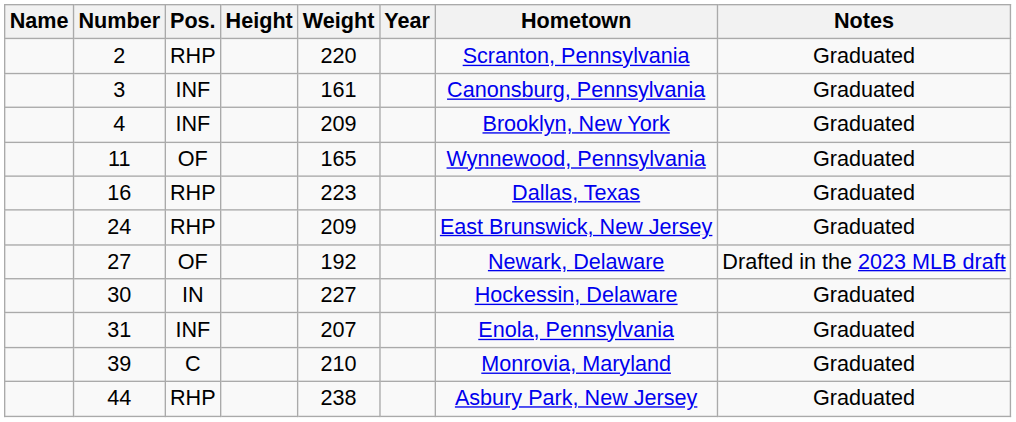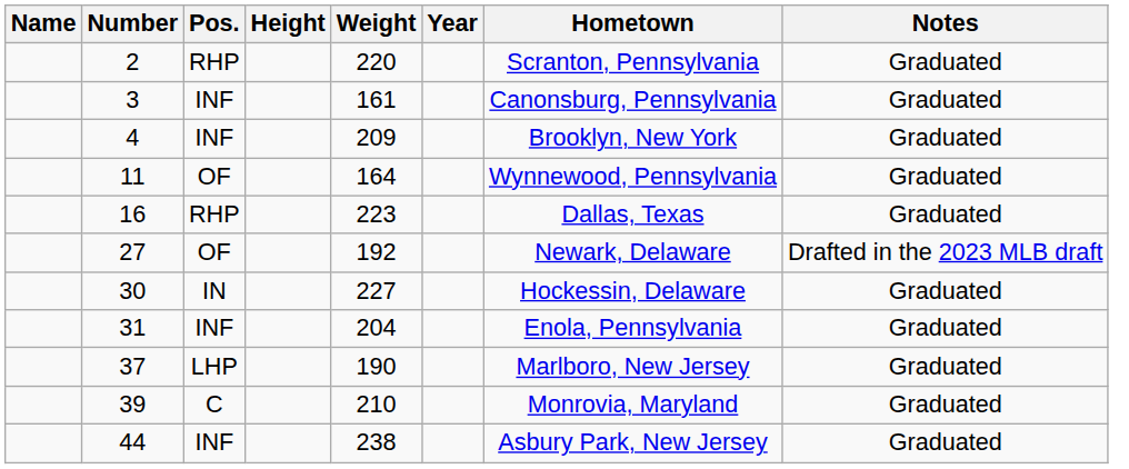 <table class="wikitable sortable sortable" style="text-align: center">
 <tr align=center>
 <th>Name</th>
 <th>Number</th>
 <th>Pos.</th>
 <th>Height</th>
 <th>Weight</th>
 <th>Year</th>
 <th>Hometown</th>
 <th>Notes</th>
 </tr>
 <tr>
 <td></td>
 <td>2</td>
 <td>RHP</td>
 <td></td>
 <td>220</td>
 <td></td>
 <td><a href='#'>Scranton, Pennsylvania</a></td>
 <td>Graduated</td>
 </tr>
 <tr>
 <td></td>
 <td>3</td>
 <td>INF</td>
 <td></td>
 <td>161</td>
 <td></td>
 <td><a href='#'>Canonsburg, Pennsylvania</a></td>
 <td>Graduated</td>
 </tr>
 <tr>
 <td></td>
 <td>4</td>
 <td>INF</td>
 <td></td>
 <td>209</td>
 <td></td>
 <td><a href='#'>Brooklyn, New York</a></td>
 <td>Graduated</td>
 </tr>
 <tr>
 <td></td>
 <td>11</td>
 <td>OF</td>
 <td></td>
-<td>165</td>
+<td>164</td>
 <td></td>
 <td><a href='#'>Wynnewood, Pennsylvania</a></td>
 <td>Graduated</td>
 </tr>
 <tr>
 <td></td>
 <td>16</td>
 <td>RHP</td>
 <td></td>
 <td>223</td>
 <td></td>
 <td><a href='#'>Dallas, Texas</a></td>
-<td>Graduated</td>
-</tr>
-<tr>
-<td></td>
-<td>24</td>
-<td>RHP</td>
-<td></td>
-<td>209</td>
-<td></td>
-<td><a href='#'>East Brunswick, New Jersey</a></td>
 <td>Graduated</td>
 </tr>
 <tr>
 <td></td>
 <td>27</td>
 <td>OF</td>
 <td></td>
 <td>192</td>
 <td></td>
 <td><a href='#'>Newark, Delaware</a></td>
 <td>Drafted in the <a href='#'>2023 MLB draft</a></td>
 </tr>
 <tr>
 <td></td>
 <td>30</td>
 <td>IN</td>
 <td></td>
 <td>227</td>
 <td></td>
 <td><a href='#'>Hockessin, Delaware</a></td>
 <td>Graduated</td>
 </tr>
 <tr>
 <td></td>
 <td>31</td>
 <td>INF</td>
 <td></td>
-<td>207</td>
+<td>204</td>
 <td></td>
 <td><a href='#'>Enola, Pennsylvania</a></td>
+<td>Graduated</td>
+</tr>
+<tr>
+<td></td>
+<td>37</td>
+<td>LHP</td>
+<td></td>
+<td>190</td>
+<td></td>
+<td><a href='#'>Marlboro, New Jersey</a></td>
 <td>Graduated</td>
 </tr>
 <tr>
 <td></td>
 <td>39</td>
 <td>C</td>
 <td></td>
 <td>210</td>
 <td></td>
 <td><a href='#'>Monrovia, Maryland</a></td>
 <td>Graduated</td>
 </tr>
 <tr>
 <td></td>
 <td>44</td>
-<td>RHP</td>
+<td>INF</td>
 <td></td>
 <td>238</td>
 <td></td>
 <td><a href='#'>Asbury Park, New Jersey</a></td>
 <td>Graduated</td>
 </tr>
 </table>
